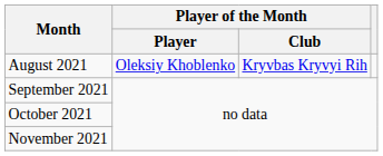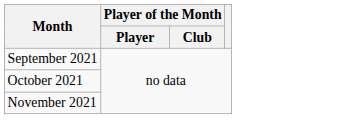 <table class="wikitable">
 <tr>
 <th rowspan="2">Month</th>
 <th colspan="2">Player of the Month</th>
 <th rowspan="2"></th>
 </tr>
 <tr>
 <th>Player</th>
 <th>Club</th>
-</tr>
-<tr>
-<td>August 2021</td>
-<td> <a href='#'>Oleksiy Khoblenko</a></td>
-<td><a href='#'>Kryvbas Kryvyi Rih</a></td>
-<td align=center></td>
 </tr>
 <tr>
 <td>September 2021</td>
 <td rowspan=3 colspan=3 align=center>no data</td>
 </tr>
 <tr>
 <td>October 2021</td>
 </tr>
 <tr>
 <td>November 2021</td>
 </tr>
 </table>
